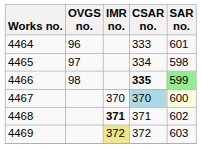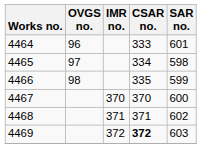 <table class="wikitable collapsible collapsed sortable" style="margin:0.5em auto; font-size:100%;">
 <tr>
 <th><br>Works no.</th>
 <th>OVGS<br>no.</th>
 <th>IMR<br>no.</th>
 <th>CSAR<br>no.</th>
 <th>SAR<br>no.</th>
 </tr>
 <tr>
 <td>4464</td>
 <td>96</td>
 <td></td>
 <td>333</td>
 <td>601</td>
 </tr>
 <tr>
 <td>4465</td>
 <td>97</td>
 <td></td>
 <td>334</td>
 <td>598</td>
 </tr>
 <tr>
 <td>4466</td>
 <td>98</td>
 <td></td>
-<td><strong>335</strong></td>
-<td style="background: lightgreen;">599</td>
+<td>335</td>
+<td>599</td>
 </tr>
 <tr>
 <td>4467</td>
 <td></td>
 <td>370</td>
-<td style="background: lightblue;">370</td>
-<td style="background: lightyellow;">600</td>
+<td>370</td>
+<td>600</td>
 </tr>
 <tr>
 <td>4468</td>
 <td></td>
-<td><strong>371</strong></td>
+<td>371</td>
 <td>371</td>
 <td>602</td>
 </tr>
 <tr>
 <td>4469</td>
 <td></td>
-<td style="background: khaki;">372</td>
 <td>372</td>
+<td><strong>372</strong></td>
 <td>603</td>
 </tr>
 <tr>
 </tr>
 </table>
